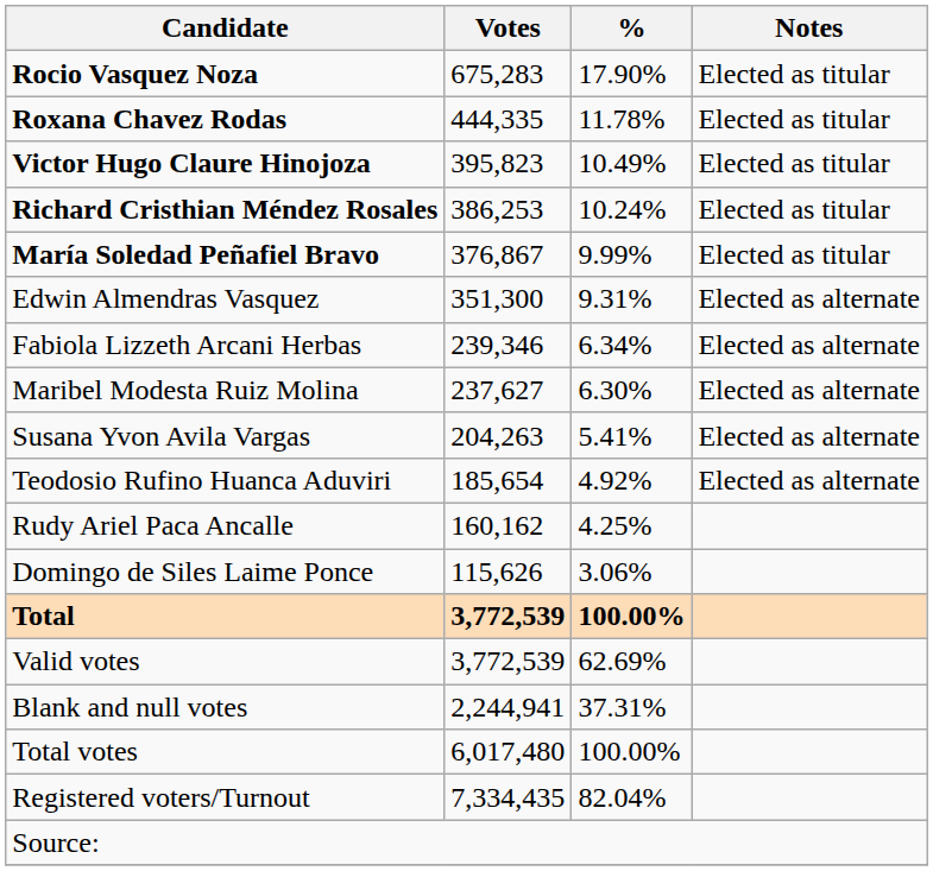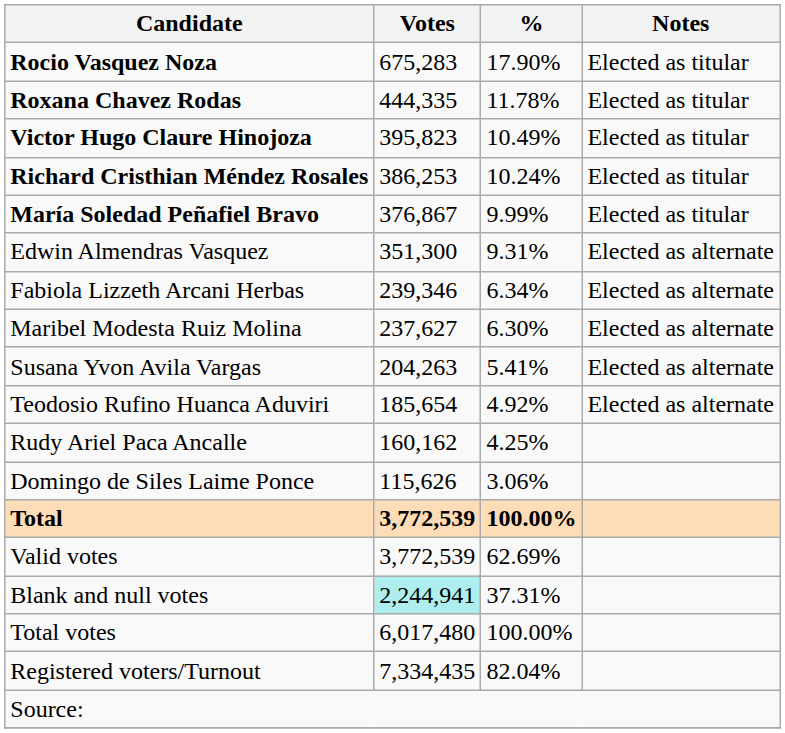 <table class=wikitable>
 <tr>
 <th>Candidate</th>
 <th>Votes</th>
 <th>%</th>
 <th>Notes</th>
 </tr>
 <tr>
 <td><strong>Rocio Vasquez Noza</strong></td>
 <td>675,283</td>
 <td>17.90%</td>
 <td>Elected as titular</td>
 </tr>
 <tr>
 <td><strong>Roxana Chavez Rodas</strong></td>
 <td>444,335</td>
 <td>11.78%</td>
 <td>Elected as titular</td>
 </tr>
 <tr>
 <td><strong>Victor Hugo Claure Hinojoza</strong></td>
 <td>395,823</td>
 <td>10.49%</td>
 <td>Elected as titular</td>
 </tr>
 <tr>
 <td><strong>Richard Cristhian Méndez Rosales</strong></td>
 <td>386,253</td>
 <td>10.24%</td>
 <td>Elected as titular</td>
 </tr>
 <tr>
 <td><strong>María Soledad Peñafiel Bravo</strong></td>
 <td>376,867</td>
 <td>9.99%</td>
 <td>Elected as titular</td>
 </tr>
 <tr>
 <td>Edwin Almendras Vasquez</td>
 <td>351,300</td>
 <td>9.31%</td>
 <td>Elected as alternate</td>
 </tr>
 <tr>
 <td>Fabiola Lizzeth Arcani Herbas</td>
 <td>239,346</td>
 <td>6.34%</td>
 <td>Elected as alternate</td>
 </tr>
 <tr>
 <td>Maribel Modesta Ruiz Molina</td>
 <td>237,627</td>
 <td>6.30%</td>
 <td>Elected as alternate</td>
 </tr>
 <tr>
 <td>Susana Yvon Avila Vargas</td>
 <td>204,263</td>
 <td>5.41%</td>
 <td>Elected as alternate</td>
 </tr>
 <tr>
 <td>Teodosio Rufino Huanca Aduviri</td>
 <td>185,654</td>
 <td>4.92%</td>
 <td>Elected as alternate</td>
 </tr>
 <tr>
 <td>Rudy Ariel Paca Ancalle</td>
 <td>160,162</td>
 <td>4.25%</td>
 <td></td>
 </tr>
 <tr>
 <td>Domingo de Siles Laime Ponce</td>
 <td>115,626</td>
 <td>3.06%</td>
 <td></td>
 </tr>
 <tr>
 <td style="background:#FDDCB8"><strong>Total</strong></td>
 <td style="background:#FDDCB8"><strong>3,772,539</strong></td>
 <td style="background:#FDDCB8"><strong>100.00%</strong></td>
 <td style="background:#FDDCB8"></td>
 </tr>
 <tr>
 <td>Valid votes</td>
 <td>3,772,539</td>
 <td>62.69%</td>
 <td></td>
 </tr>
 <tr>
 <td>Blank and null votes</td>
-<td>2,244,941</td>
+<td style="background: paleturquoise;">2,244,941</td>
 <td>37.31%</td>
 <td></td>
 </tr>
 <tr>
 <td>Total votes</td>
 <td>6,017,480</td>
 <td>100.00%</td>
 <td></td>
 </tr>
 <tr>
 <td>Registered voters/Turnout</td>
 <td>7,334,435</td>
 <td>82.04%</td>
 <td></td>
 </tr>
 <tr>
 <td colspan="4">Source: </td>
 </tr>
 <tr>
 </tr>
 </table>
